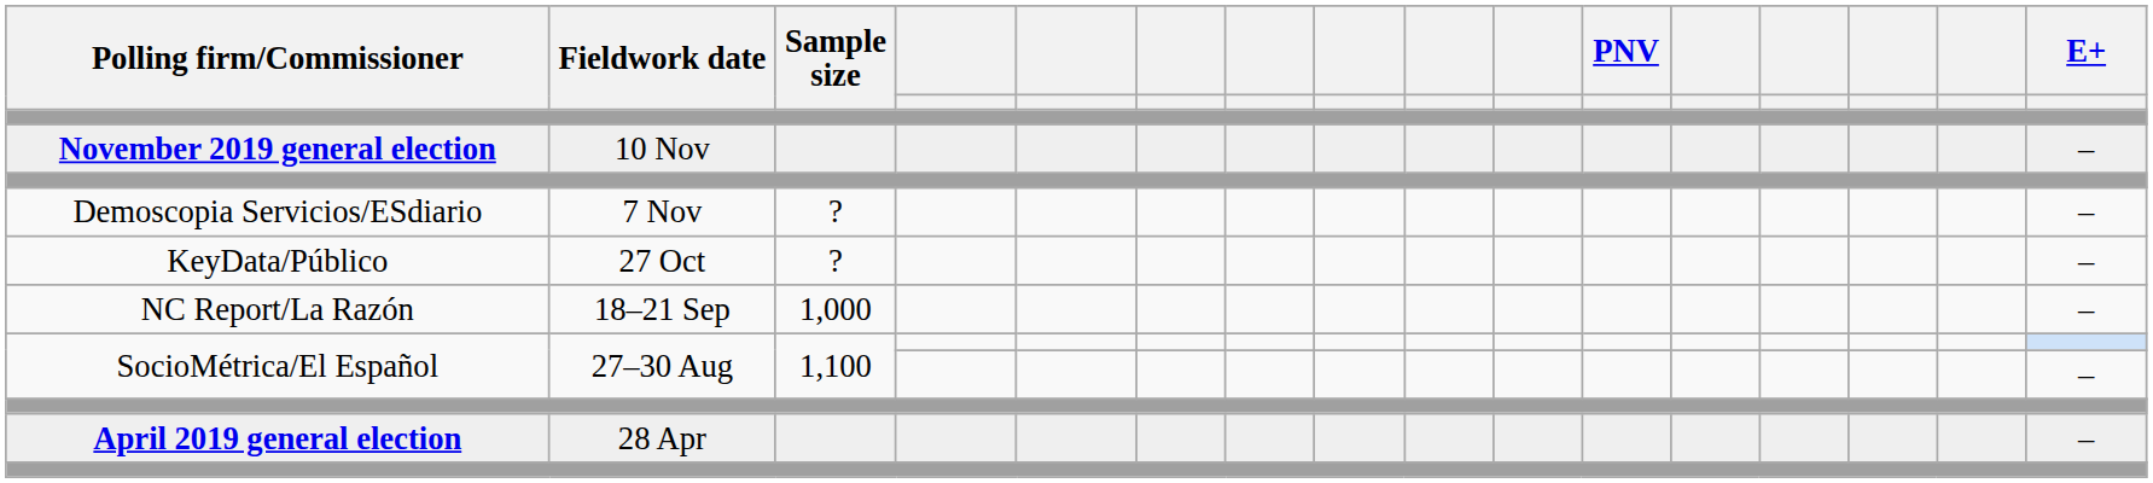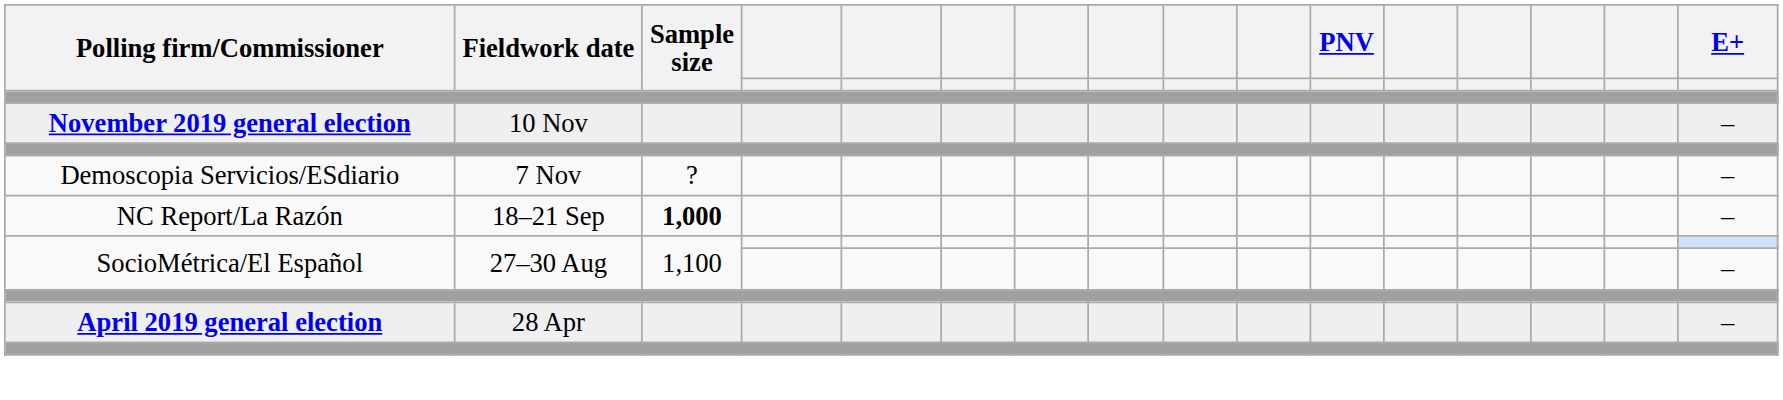 <table class="wikitable collapsible" style="text-align:center; font-size:95%; line-height:16px;">
 <tr style="height:42px;">
 <th style="width:250px;" rowspan="2">Polling firm/Commissioner</th>
 <th style="width:100px;" rowspan="2">Fieldwork date</th>
 <th style="width:50px;" rowspan="2">Sample size</th>
 <th style="width:50px;"></th>
 <th style="width:50px;"></th>
 <th style="width:35px;"></th>
 <th style="width:35px;"></th>
 <th style="width:35px;"></th>
 <th style="width:35px;"></th>
 <th style="width:35px;"></th>
 <th style="width:35px;"><a href='#'>PNV</a></th>
 <th style="width:35px;"></th>
 <th style="width:35px;"></th>
 <th style="width:35px;"></th>
 <th style="width:35px;"></th>
 <th style="width:50px;"><a href='#'>E+</a></th>
 </tr>
 <tr>
 <th style="color:inherit;background:"></th>
 <th style="color:inherit;background:"></th>
 <th style="color:inherit;background:"></th>
 <th style="color:inherit;background:"></th>
 <th style="color:inherit;background:"></th>
 <th style="color:inherit;background:"></th>
 <th style="color:inherit;background:"></th>
 <th style="color:inherit;background:"></th>
 <th style="color:inherit;background:"></th>
 <th style="color:inherit;background:"></th>
 <th style="color:inherit;background:"></th>
 <th style="color:inherit;background:"></th>
 <th style="color:inherit;background:"></th>
 </tr>
 <tr>
 <td colspan="16" style="background:#A0A0A0"></td>
 </tr>
 <tr style="background:#EFEFEF;">
 <td><strong><a href='#'>November 2019 general election</a></strong></td>
 <td>10 Nov</td>
 <td></td>
 <td></td>
 <td></td>
 <td></td>
 <td></td>
 <td></td>
 <td></td>
 <td></td>
 <td></td>
 <td></td>
 <td></td>
 <td></td>
 <td></td>
 <td>–</td>
 </tr>
 <tr>
 <td colspan="16" style="background:#A0A0A0"></td>
 </tr>
 <tr>
 <td>Demoscopia Servicios/ESdiario</td>
 <td>7 Nov</td>
 <td>?</td>
 <td></td>
 <td></td>
 <td></td>
 <td></td>
 <td></td>
 <td></td>
 <td></td>
 <td></td>
 <td></td>
 <td></td>
 <td></td>
 <td></td>
 <td>–</td>
 </tr>
 <tr>
-<td>KeyData/Público</td>
-<td>27 Oct</td>
-<td>?</td>
-<td></td>
-<td></td>
-<td></td>
-<td></td>
-<td></td>
-<td></td>
-<td></td>
-<td></td>
-<td></td>
-<td></td>
-<td></td>
-<td></td>
-<td>–</td>
-</tr>
-<tr>
 <td>NC Report/La Razón</td>
 <td>18–21 Sep</td>
-<td>1,000</td>
+<td><strong>1,000</strong></td>
 <td></td>
 <td></td>
 <td></td>
 <td></td>
 <td></td>
 <td></td>
 <td></td>
 <td></td>
 <td></td>
 <td></td>
 <td></td>
 <td></td>
 <td>–</td>
 </tr>
 <tr>
 <td rowspan="2">SocioMétrica/El Español</td>
 <td rowspan="2">27–30 Aug</td>
 <td rowspan="2">1,100</td>
 <td></td>
 <td></td>
 <td></td>
 <td></td>
 <td></td>
 <td></td>
 <td></td>
 <td></td>
 <td></td>
 <td></td>
 <td></td>
 <td></td>
 <td bgcolor="#CEE2F9"></td>
 </tr>
 <tr>
 <td></td>
 <td></td>
 <td></td>
 <td></td>
 <td></td>
 <td></td>
 <td></td>
 <td></td>
 <td></td>
 <td></td>
 <td></td>
 <td></td>
 <td>–</td>
 </tr>
 <tr>
 <td colspan="16" style="background:#A0A0A0"></td>
 </tr>
 <tr style="background:#EFEFEF;">
 <td><strong><a href='#'>April 2019 general election</a></strong></td>
 <td>28 Apr</td>
 <td></td>
 <td></td>
 <td></td>
 <td></td>
 <td></td>
 <td></td>
 <td></td>
 <td></td>
 <td></td>
 <td></td>
 <td></td>
 <td></td>
 <td></td>
 <td>–</td>
 </tr>
 <tr>
 <td colspan="16" style="background:#A0A0A0"></td>
 </tr>
 </table>
